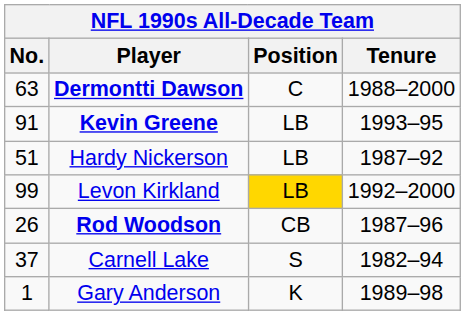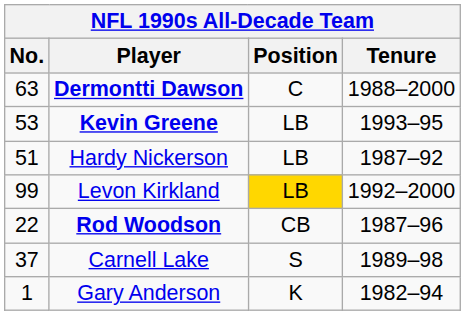 <table class="wikitable" style="text-align:center">
 <tr>
 <th colspan="4"><a href='#'><span>NFL 1990s All-Decade Team</span></a></th>
 </tr>
 <tr>
 <th>No.</th>
 <th>Player</th>
 <th>Position</th>
 <th>Tenure</th>
 </tr>
 <tr>
 <td>63</td>
 <td><strong><a href='#'>Dermontti Dawson</a></strong></td>
 <td>C</td>
 <td>1988–2000</td>
 </tr>
 <tr>
-<td>91</td>
+<td>53</td>
 <td><strong><a href='#'>Kevin Greene</a></strong></td>
 <td>LB</td>
 <td>1993–95</td>
 </tr>
 <tr>
 <td>51</td>
 <td><a href='#'>Hardy Nickerson</a></td>
 <td>LB</td>
 <td>1987–92</td>
 </tr>
 <tr>
 <td>99</td>
 <td><a href='#'>Levon Kirkland</a></td>
 <td style="background: gold;">LB</td>
 <td>1992–2000</td>
 </tr>
 <tr>
-<td>26</td>
+<td>22</td>
 <td><strong><a href='#'>Rod Woodson</a></strong></td>
 <td>CB</td>
 <td>1987–96</td>
 </tr>
 <tr>
 <td>37</td>
 <td><a href='#'>Carnell Lake</a></td>
 <td>S</td>
-<td>1982–94</td>
+<td>1989–98</td>
 </tr>
 <tr>
 <td>1</td>
 <td><a href='#'>Gary Anderson</a></td>
 <td>K</td>
-<td>1989–98</td>
+<td>1982–94</td>
 </tr>
 </table>
